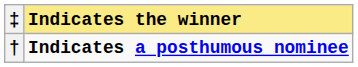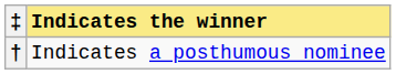 <table class="wikitable">
 <tr>
 <th scope="row" style="text-align:center" style="background:#FAEB86;">‡</th>
 <td style="background:#FAEB86;"><strong>Indicates the winner</strong></td>
 </tr>
 <tr>
 <th scope="row" style="text-align:center">†</th>
-<td><strong>Indicates <a href='#'>a posthumous nominee</a></strong></td>
+<td>Indicates <a href='#'>a posthumous nominee</a></td>
 </tr>
 </table>
